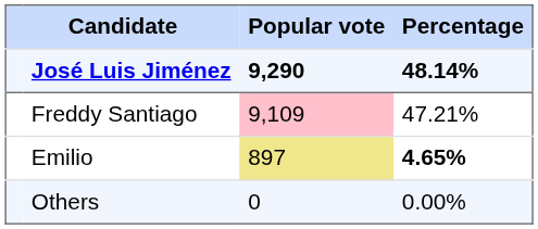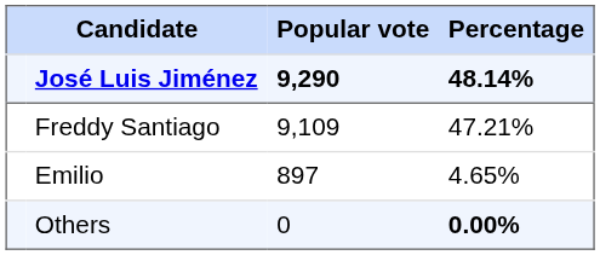 <table style="border: 1px solid #666666; border-collapse: collapse" align="center" cellpadding="6">
 <tr style="background-color: #C9DBFC">
 <th colspan="2">Candidate</th>
 <th>Popular vote</th>
 <th>Percentage</th>
 </tr>
 <tr style="background-color: #F0F5FE">
 <td style="border-top: 1px solid #DDDDDD"></td>
 <td style="border-top: 1px solid #DDDDDD"><strong><a href='#'>José Luis Jiménez</a></strong></td>
 <td style="border-top: 1px solid #DDDDDD"><strong>9,290</strong></td>
 <td style="border-top: 1px solid #DDDDDD"><strong>48.14%</strong></td>
 </tr>
 <tr>
 <td style="border-top: 1px solid #666666"></td>
 <td style="border-top: 1px solid #666666">Freddy Santiago</td>
-<td style="background: pink; border-top: 1px solid #666666">9,109</td>
+<td style="border-top: 1px solid #666666">9,109</td>
 <td style="border-top: 1px solid #666666">47.21%</td>
 </tr>
 <tr>
 <td style="border-top: 1px solid #DDDDDD"></td>
 <td style="border-top: 1px solid #DDDDDD">Emilio</td>
-<td style="background: khaki; border-top: 1px solid #DDDDDD">897</td>
-<td style="border-top: 1px solid #DDDDDD"><strong>4.65%</strong></td>
+<td style="border-top: 1px solid #DDDDDD">897</td>
+<td style="border-top: 1px solid #DDDDDD">4.65%</td>
 </tr>
 <tr style="background-color: #F0F5FE">
 <td style="border-top: 1px solid #DDDDDD"></td>
 <td style="border-top: 1px solid #DDDDDD">Others</td>
 <td style="border-top: 1px solid #DDDDDD">0</td>
-<td style="border-top: 1px solid #DDDDDD">0.00%</td>
+<td style="border-top: 1px solid #DDDDDD"><strong>0.00%</strong></td>
 </tr>
 </table>
